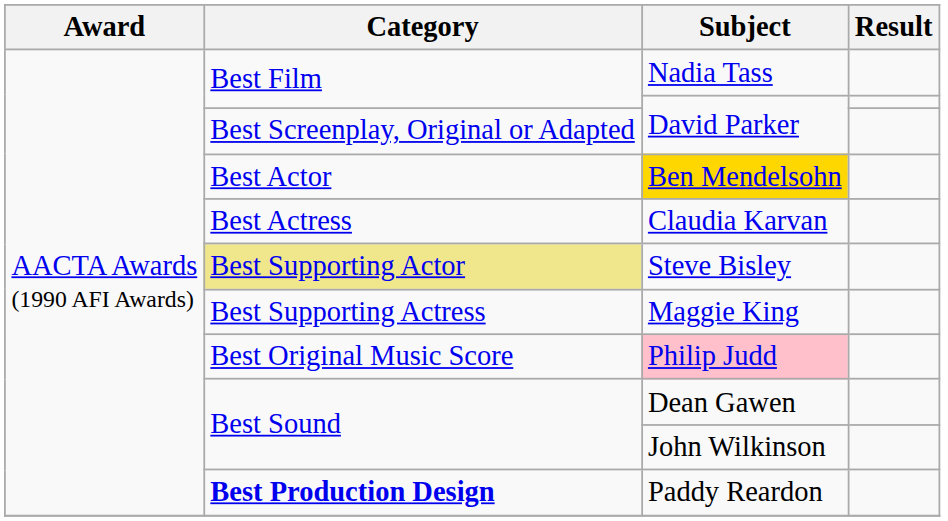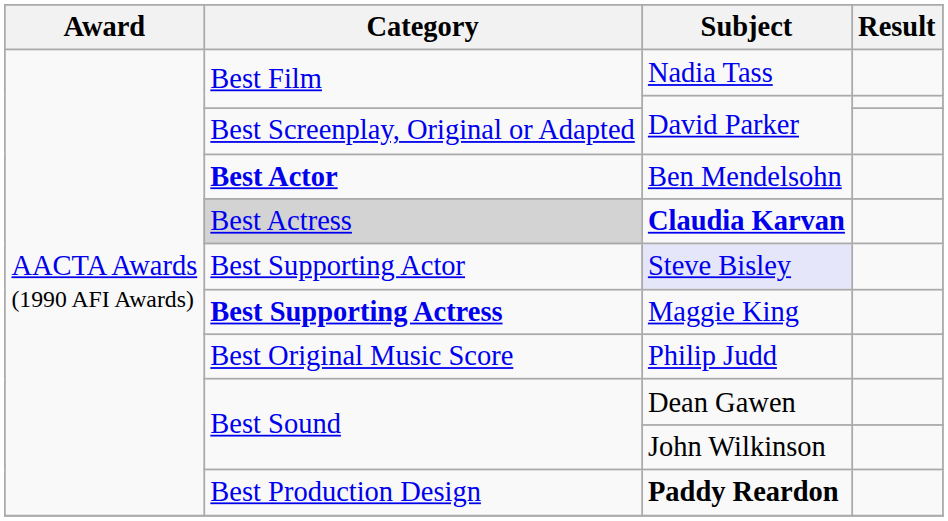 <table class="wikitable">
 <tr>
 <th>Award</th>
 <th>Category</th>
 <th>Subject</th>
 <th>Result</th>
 </tr>
 <tr>
 <td rowspan=11><a href='#'>AACTA Awards</a><br><small>(1990 AFI Awards)</small></td>
 <td rowspan=2><a href='#'>Best Film</a></td>
 <td><a href='#'>Nadia Tass</a></td>
 <td></td>
 </tr>
 <tr>
 <td rowspan=2><a href='#'>David Parker</a></td>
 <td></td>
 </tr>
 <tr>
 <td><a href='#'>Best Screenplay, Original or Adapted</a></td>
 <td></td>
 </tr>
 <tr>
-<td><a href='#'>Best Actor</a></td>
-<td style="background: gold;"><a href='#'>Ben Mendelsohn</a></td>
+<td><strong><a href='#'>Best Actor</a></strong></td>
+<td><a href='#'>Ben Mendelsohn</a></td>
 <td></td>
 </tr>
 <tr>
-<td><a href='#'>Best Actress</a></td>
-<td><a href='#'>Claudia Karvan</a></td>
+<td style="background: lightgrey;"><a href='#'>Best Actress</a></td>
+<td><strong><a href='#'>Claudia Karvan</a></strong></td>
 <td></td>
 </tr>
 <tr>
-<td style="background: khaki;"><a href='#'>Best Supporting Actor</a></td>
-<td><a href='#'>Steve Bisley</a></td>
+<td><a href='#'>Best Supporting Actor</a></td>
+<td style="background: lavender;"><a href='#'>Steve Bisley</a></td>
 <td></td>
 </tr>
 <tr>
-<td><a href='#'>Best Supporting Actress</a></td>
+<td><strong><a href='#'>Best Supporting Actress</a></strong></td>
 <td><a href='#'>Maggie King</a></td>
 <td></td>
 </tr>
 <tr>
 <td><a href='#'>Best Original Music Score</a></td>
-<td style="background: pink;"><a href='#'>Philip Judd</a></td>
+<td><a href='#'>Philip Judd</a></td>
 <td></td>
 </tr>
 <tr>
 <td rowspan=2><a href='#'>Best Sound</a></td>
 <td>Dean Gawen</td>
 <td></td>
 </tr>
 <tr>
 <td>John Wilkinson</td>
 <td></td>
 </tr>
 <tr>
-<td><strong><a href='#'>Best Production Design</a></strong></td>
-<td>Paddy Reardon</td>
+<td><a href='#'>Best Production Design</a></td>
+<td><strong>Paddy Reardon</strong></td>
 <td></td>
 </tr>
 <tr>
 </tr>
 </table>
